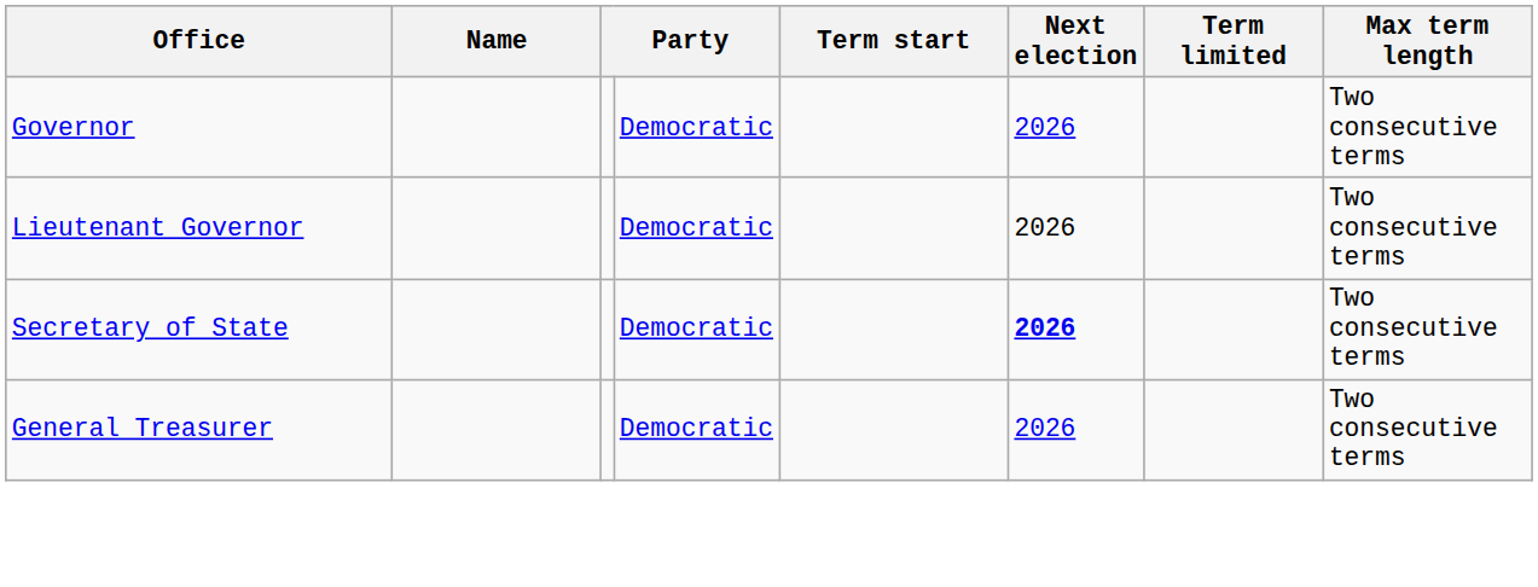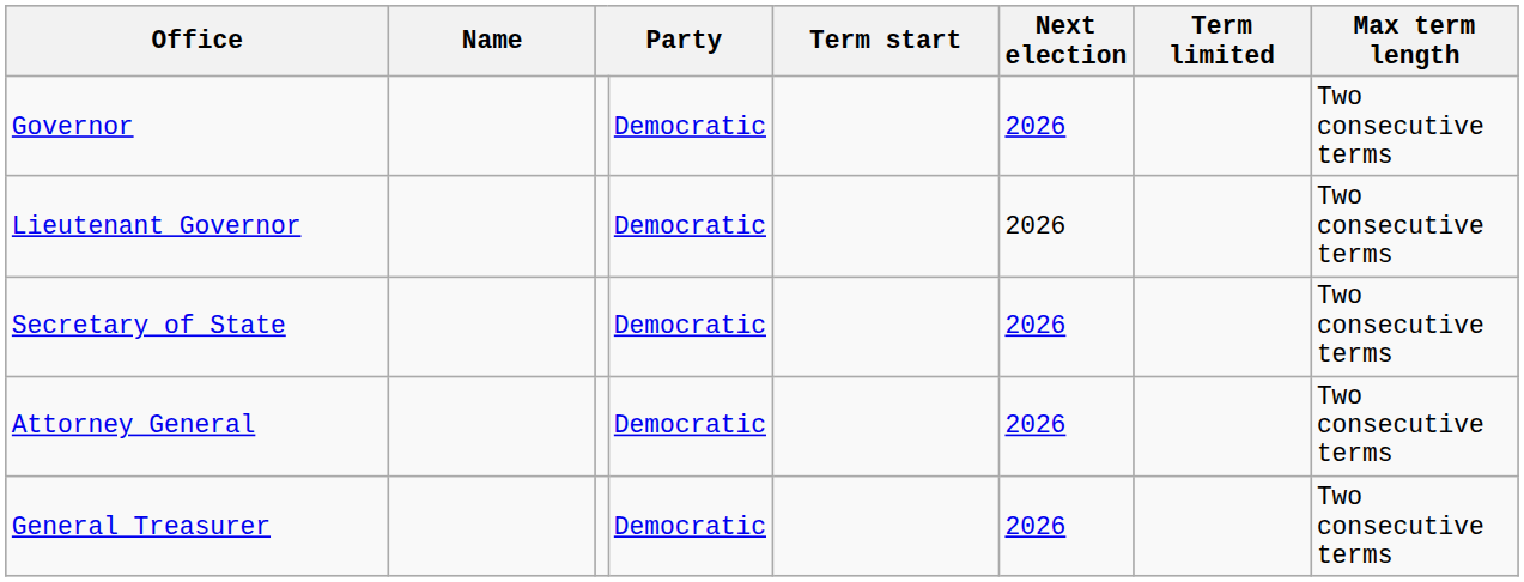 <table class="sortable wikitable">
 <tr>
 <th scope="col" width=190>Office</th>
 <th scope="col" width=100>Name</th>
 <th scope="col" width=75 colspan=2>Party</th>
 <th scope="col" width=110>Term start</th>
 <th scope="col" width=50>Next election</th>
 <th scope="col" width=85>Term limited</th>
 <th scope="col" width=100>Max term length</th>
 </tr>
 <tr>
 <td><a href='#'>Governor</a></td>
 <td></td>
 <td style="background-color:"></td>
 <td><a href='#'>Democratic</a></td>
 <td></td>
 <td><a href='#'>2026</a></td>
 <td></td>
 <td>Two consecutive terms</td>
 </tr>
 <tr>
 <td><a href='#'>Lieutenant Governor</a></td>
 <td></td>
 <td style="background-color:"></td>
 <td><a href='#'>Democratic</a></td>
 <td></td>
 <td>2026</td>
 <td></td>
 <td>Two consecutive terms</td>
 </tr>
 <tr>
 <td><a href='#'>Secretary of State</a></td>
 <td></td>
 <td style="background-color:"></td>
 <td><a href='#'>Democratic</a></td>
 <td></td>
-<td><strong><a href='#'>2026</a></strong></td>
+<td><a href='#'>2026</a></td>
+<td></td>
+<td>Two consecutive terms</td>
+</tr>
+<tr>
+<td><a href='#'>Attorney General</a></td>
+<td></td>
+<td style="background-color:"></td>
+<td><a href='#'>Democratic</a></td>
+<td></td>
+<td><a href='#'>2026</a></td>
 <td></td>
 <td>Two consecutive terms</td>
 </tr>
 <tr>
 <td><a href='#'>General Treasurer</a></td>
 <td></td>
 <td style="background-color:"></td>
 <td><a href='#'>Democratic</a></td>
 <td></td>
 <td><a href='#'>2026</a></td>
 <td></td>
 <td>Two consecutive terms</td>
 </tr>
 </table>
